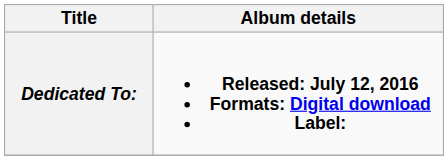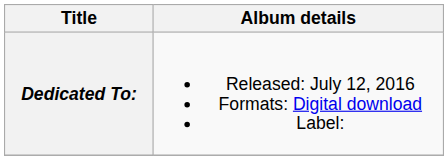 <table class="wikitable plainrowheaders" style="text-align:center;">
 <tr>
 <th scope="col" style="width:8em;">Title</th>
 <th scope="col" style="width:16em;">Album details</th>
 </tr>
 <tr>
 <th scope="row"><em>Dedicated To:</em></th>
-<td><strong><br><ul><li>Released: July 12, 2016</li><li>Formats: <a href='#'>Digital download</a></li><li>Label: </li></ul></strong></td>
+<td><br><ul><li>Released: July 12, 2016</li><li>Formats: <a href='#'>Digital download</a></li><li>Label: </li></ul></td>
 </tr>
 <tr>
 </tr>
 </table>
